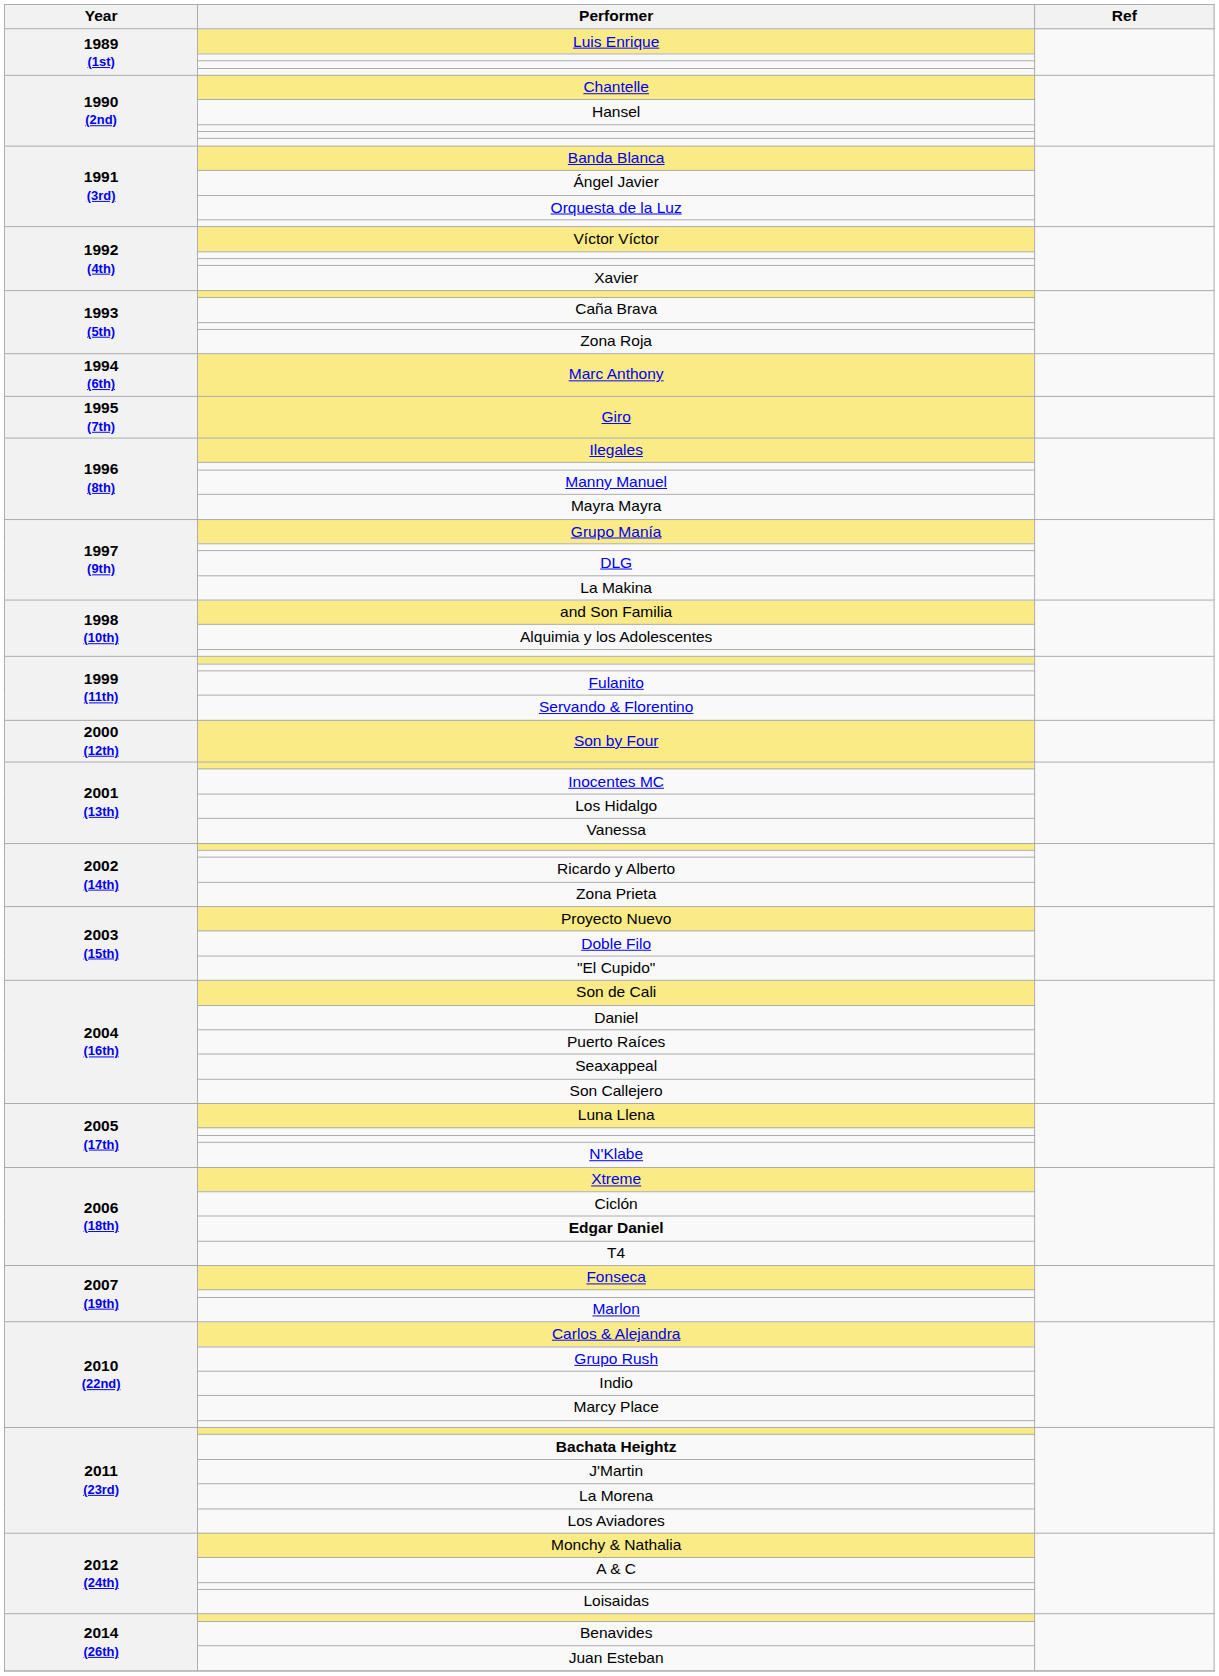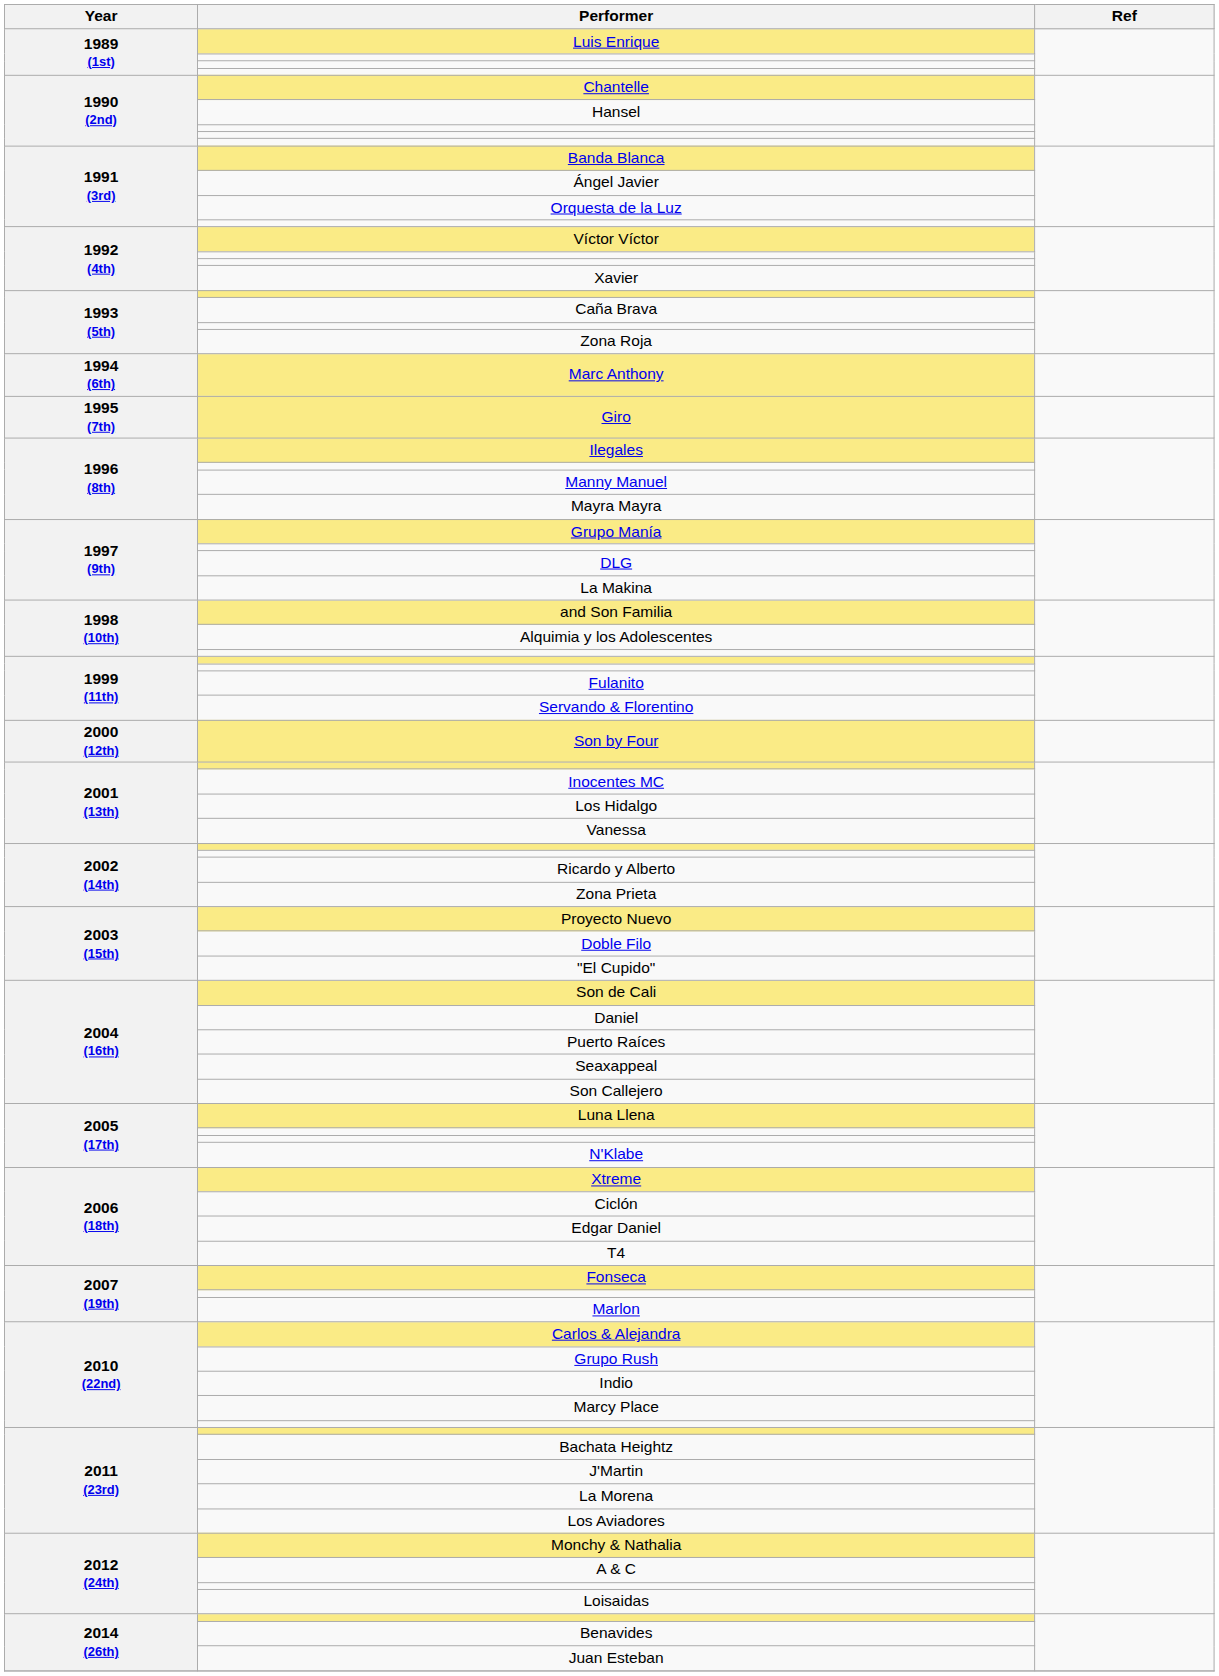 <table class="wikitable sortable" style="text-align:center">
 <tr style="background:#bebebe;">
 <th scope="col" style="width:1%;">Year</th>
 <th scope="col" style="width:5%;">Performer</th>
 <th scope="col" style="width:1%;" class="unsortable">Ref</th>
 </tr>
 <tr>
 <th scope="row"  rowspan=4>1989 <br><small><a href='#'>(1st)</a></small></th>
 <td style="background:#FAEB86"><a href='#'>Luis Enrique</a></td>
 <td rowspan=4></td>
 </tr>
 <tr>
 <td></td>
 </tr>
 <tr>
 <td></td>
 </tr>
 <tr>
 <td></td>
 </tr>
 <tr>
 <th scope="row" rowspan=5>1990 <br><small><a href='#'>(2nd)</a></small></th>
 <td style="background:#FAEB86"><a href='#'>Chantelle</a></td>
 <td rowspan=5></td>
 </tr>
 <tr>
 <td>Hansel</td>
 </tr>
 <tr>
 <td></td>
 </tr>
 <tr>
 <td></td>
 </tr>
 <tr>
 <td></td>
 </tr>
 <tr>
 <th scope="row" rowspan=4>1991 <br><small><a href='#'>(3rd)</a></small></th>
 <td style="background:#FAEB86"><a href='#'>Banda Blanca</a></td>
 <td rowspan=4></td>
 </tr>
 <tr>
 <td>Ángel Javier</td>
 </tr>
 <tr>
 <td><a href='#'>Orquesta de la Luz</a></td>
 </tr>
 <tr>
 <td></td>
 </tr>
 <tr>
 <th scope="row" rowspan=4>1992 <br><small><a href='#'>(4th)</a></small></th>
 <td style="background:#FAEB86">Víctor Víctor</td>
 <td rowspan=4></td>
 </tr>
 <tr>
 <td></td>
 </tr>
 <tr>
 <td></td>
 </tr>
 <tr>
 <td>Xavier</td>
 </tr>
 <tr>
 <th scope="row"  rowspan=4>1993 <br><small><a href='#'>(5th)</a></small></th>
 <td style="background:#FAEB86"></td>
 <td rowspan=4></td>
 </tr>
 <tr>
 <td>Caña Brava</td>
 </tr>
 <tr>
 <td></td>
 </tr>
 <tr>
 <td>Zona Roja</td>
 </tr>
 <tr>
 <th scope="row">1994 <br><small><a href='#'>(6th)</a></small></th>
 <td style="background:#FAEB86"><a href='#'>Marc Anthony</a></td>
 <td></td>
 </tr>
 <tr>
 <th scope="row">1995 <br><small><a href='#'>(7th)</a></small></th>
 <td style="background:#FAEB86"><a href='#'>Giro</a></td>
 <td></td>
 </tr>
 <tr>
 <th scope="row"  rowspan=4>1996 <br><small><a href='#'>(8th)</a></small></th>
 <td style="background:#FAEB86"><a href='#'>Ilegales</a></td>
 <td rowspan=4></td>
 </tr>
 <tr>
 <td></td>
 </tr>
 <tr>
 <td><a href='#'>Manny Manuel</a></td>
 </tr>
 <tr>
 <td>Mayra Mayra</td>
 </tr>
 <tr>
 <th scope="row" rowspan=4>1997 <br><small><a href='#'>(9th)</a></small></th>
 <td style="background:#FAEB86"><a href='#'>Grupo Manía</a></td>
 <td rowspan=4></td>
 </tr>
 <tr>
 <td></td>
 </tr>
 <tr>
 <td><a href='#'>DLG</a></td>
 </tr>
 <tr>
 <td>La Makina</td>
 </tr>
 <tr>
 <th scope="row" rowspan=3>1998 <br><small><a href='#'>(10th)</a></small></th>
 <td style="background:#FAEB86"> and Son Familia</td>
 <td rowspan=3></td>
 </tr>
 <tr>
 <td>Alquimia y los Adolescentes</td>
 </tr>
 <tr>
 <td></td>
 </tr>
 <tr>
 <th scope="row" rowspan=4>1999 <br><small><a href='#'>(11th)</a></small></th>
 <td style="background:#FAEB86"></td>
 <td rowspan=4></td>
 </tr>
 <tr>
 <td></td>
 </tr>
 <tr>
 <td><a href='#'>Fulanito</a></td>
 </tr>
 <tr>
 <td><a href='#'>Servando & Florentino</a></td>
 </tr>
 <tr>
 <th scope="row" rowspan=1>2000 <br><small><a href='#'>(12th)</a></small></th>
 <td style="background:#FAEB86"><a href='#'>Son by Four</a></td>
 <td rowspan=1></td>
 </tr>
 <tr>
 <th scope="row" rowspan=4>2001 <br><small><a href='#'>(13th)</a></small></th>
 <td style="background:#FAEB86"></td>
 <td rowspan=4></td>
 </tr>
 <tr>
 <td><a href='#'>Inocentes MC</a></td>
 </tr>
 <tr>
 <td>Los Hidalgo</td>
 </tr>
 <tr>
 <td>Vanessa</td>
 </tr>
 <tr>
 <th scope="row" rowspan=4>2002 <br><small><a href='#'>(14th)</a></small></th>
 <td style="background:#FAEB86"></td>
 <td rowspan=4></td>
 </tr>
 <tr>
 <td></td>
 </tr>
 <tr>
 <td>Ricardo y Alberto</td>
 </tr>
 <tr>
 <td>Zona Prieta</td>
 </tr>
 <tr>
 <th scope="row" rowspan=3>2003 <br><small><a href='#'>(15th)</a></small></th>
 <td style="background:#FAEB86">Proyecto Nuevo</td>
 <td rowspan=3></td>
 </tr>
 <tr>
 <td><a href='#'>Doble Filo</a></td>
 </tr>
 <tr>
 <td> "El Cupido"</td>
 </tr>
 <tr>
 <th scope="row" rowspan=5>2004 <br><small><a href='#'>(16th)</a></small></th>
 <td style="background:#FAEB86">Son de Cali</td>
 <td rowspan=5></td>
 </tr>
 <tr>
 <td>Daniel</td>
 </tr>
 <tr>
 <td>Puerto Raíces</td>
 </tr>
 <tr>
 <td>Seaxappeal</td>
 </tr>
 <tr>
 <td>Son Callejero</td>
 </tr>
 <tr>
 <th scope="row" rowspan=4>2005 <br><small><a href='#'>(17th)</a></small></th>
 <td style="background:#FAEB86">Luna Llena</td>
 <td rowspan=4></td>
 </tr>
 <tr>
 <td></td>
 </tr>
 <tr>
 <td></td>
 </tr>
 <tr>
 <td><a href='#'>N'Klabe</a></td>
 </tr>
 <tr>
 <th scope="row" rowspan=4>2006 <br><small><a href='#'>(18th)</a></small></th>
 <td style="background:#FAEB86"><a href='#'>Xtreme</a></td>
 <td rowspan=4></td>
 </tr>
 <tr>
 <td>Ciclón</td>
 </tr>
 <tr>
-<td><strong>Edgar Daniel</strong></td>
+<td>Edgar Daniel</td>
 </tr>
 <tr>
 <td>T4</td>
 </tr>
 <tr>
 <th scope="row" rowspan=3>2007 <br><small><a href='#'>(19th)</a></small></th>
 <td style="background:#FAEB86"><a href='#'>Fonseca</a></td>
 <td rowspan=3></td>
 </tr>
 <tr>
 <td></td>
 </tr>
 <tr>
 <td><a href='#'>Marlon</a></td>
 </tr>
 <tr>
 <th scope="row" rowspan=5>2010 <br><small><a href='#'>(22nd)</a></small></th>
 <td style="background:#FAEB86"><a href='#'>Carlos & Alejandra</a></td>
 <td rowspan=5></td>
 </tr>
 <tr>
 <td><a href='#'>Grupo Rush</a></td>
 </tr>
 <tr>
 <td>Indio</td>
 </tr>
 <tr>
 <td>Marcy Place</td>
 </tr>
 <tr>
 <td></td>
 </tr>
 <tr>
 <th scope="row" rowspan=5>2011 <br><small><a href='#'>(23rd)</a></small></th>
 <td style="background:#FAEB86"></td>
 <td rowspan=5></td>
 </tr>
 <tr>
-<td><strong>Bachata Heightz</strong></td>
+<td>Bachata Heightz</td>
 </tr>
 <tr>
 <td>J'Martin</td>
 </tr>
 <tr>
 <td>La Morena</td>
 </tr>
 <tr>
 <td>Los Aviadores</td>
 </tr>
 <tr>
 <th scope="row" rowspan=4>2012 <br><small><a href='#'>(24th)</a></small></th>
 <td style="background:#FAEB86">Monchy & Nathalia</td>
 <td rowspan=4></td>
 </tr>
 <tr>
 <td>A & C</td>
 </tr>
 <tr>
 <td></td>
 </tr>
 <tr>
 <td>Loisaidas</td>
 </tr>
 <tr>
 <th scope="row" rowspan=3>2014 <br><small><a href='#'>(26th)</a></small></th>
 <td style="background:#FAEB86"></td>
 <td rowspan=3></td>
 </tr>
 <tr>
 <td>Benavides</td>
 </tr>
 <tr>
 <td>Juan Esteban</td>
 </tr>
 <tr>
 </tr>
 </table>
